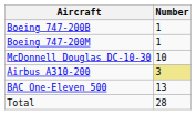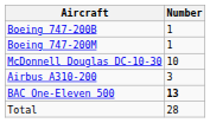 <table class="wikitable">
 <tr>
 <th>Aircraft</th>
 <th>Number</th>
 </tr>
 <tr>
 <td><a href='#'>Boeing 747-200B</a></td>
 <td>1</td>
 </tr>
 <tr>
 <td><a href='#'>Boeing 747-200M</a></td>
 <td>1</td>
 </tr>
 <tr>
 <td><a href='#'>McDonnell Douglas DC-10-30</a></td>
 <td>10</td>
 </tr>
 <tr>
 <td><a href='#'>Airbus A310-200</a></td>
-<td style="background: khaki;">3</td>
+<td>3</td>
 </tr>
 <tr>
 <td><a href='#'>BAC One-Eleven 500</a></td>
-<td>13</td>
+<td><strong>13</strong></td>
 </tr>
 <tr>
 <td>Total</td>
 <td>28</td>
 </tr>
 </table>
